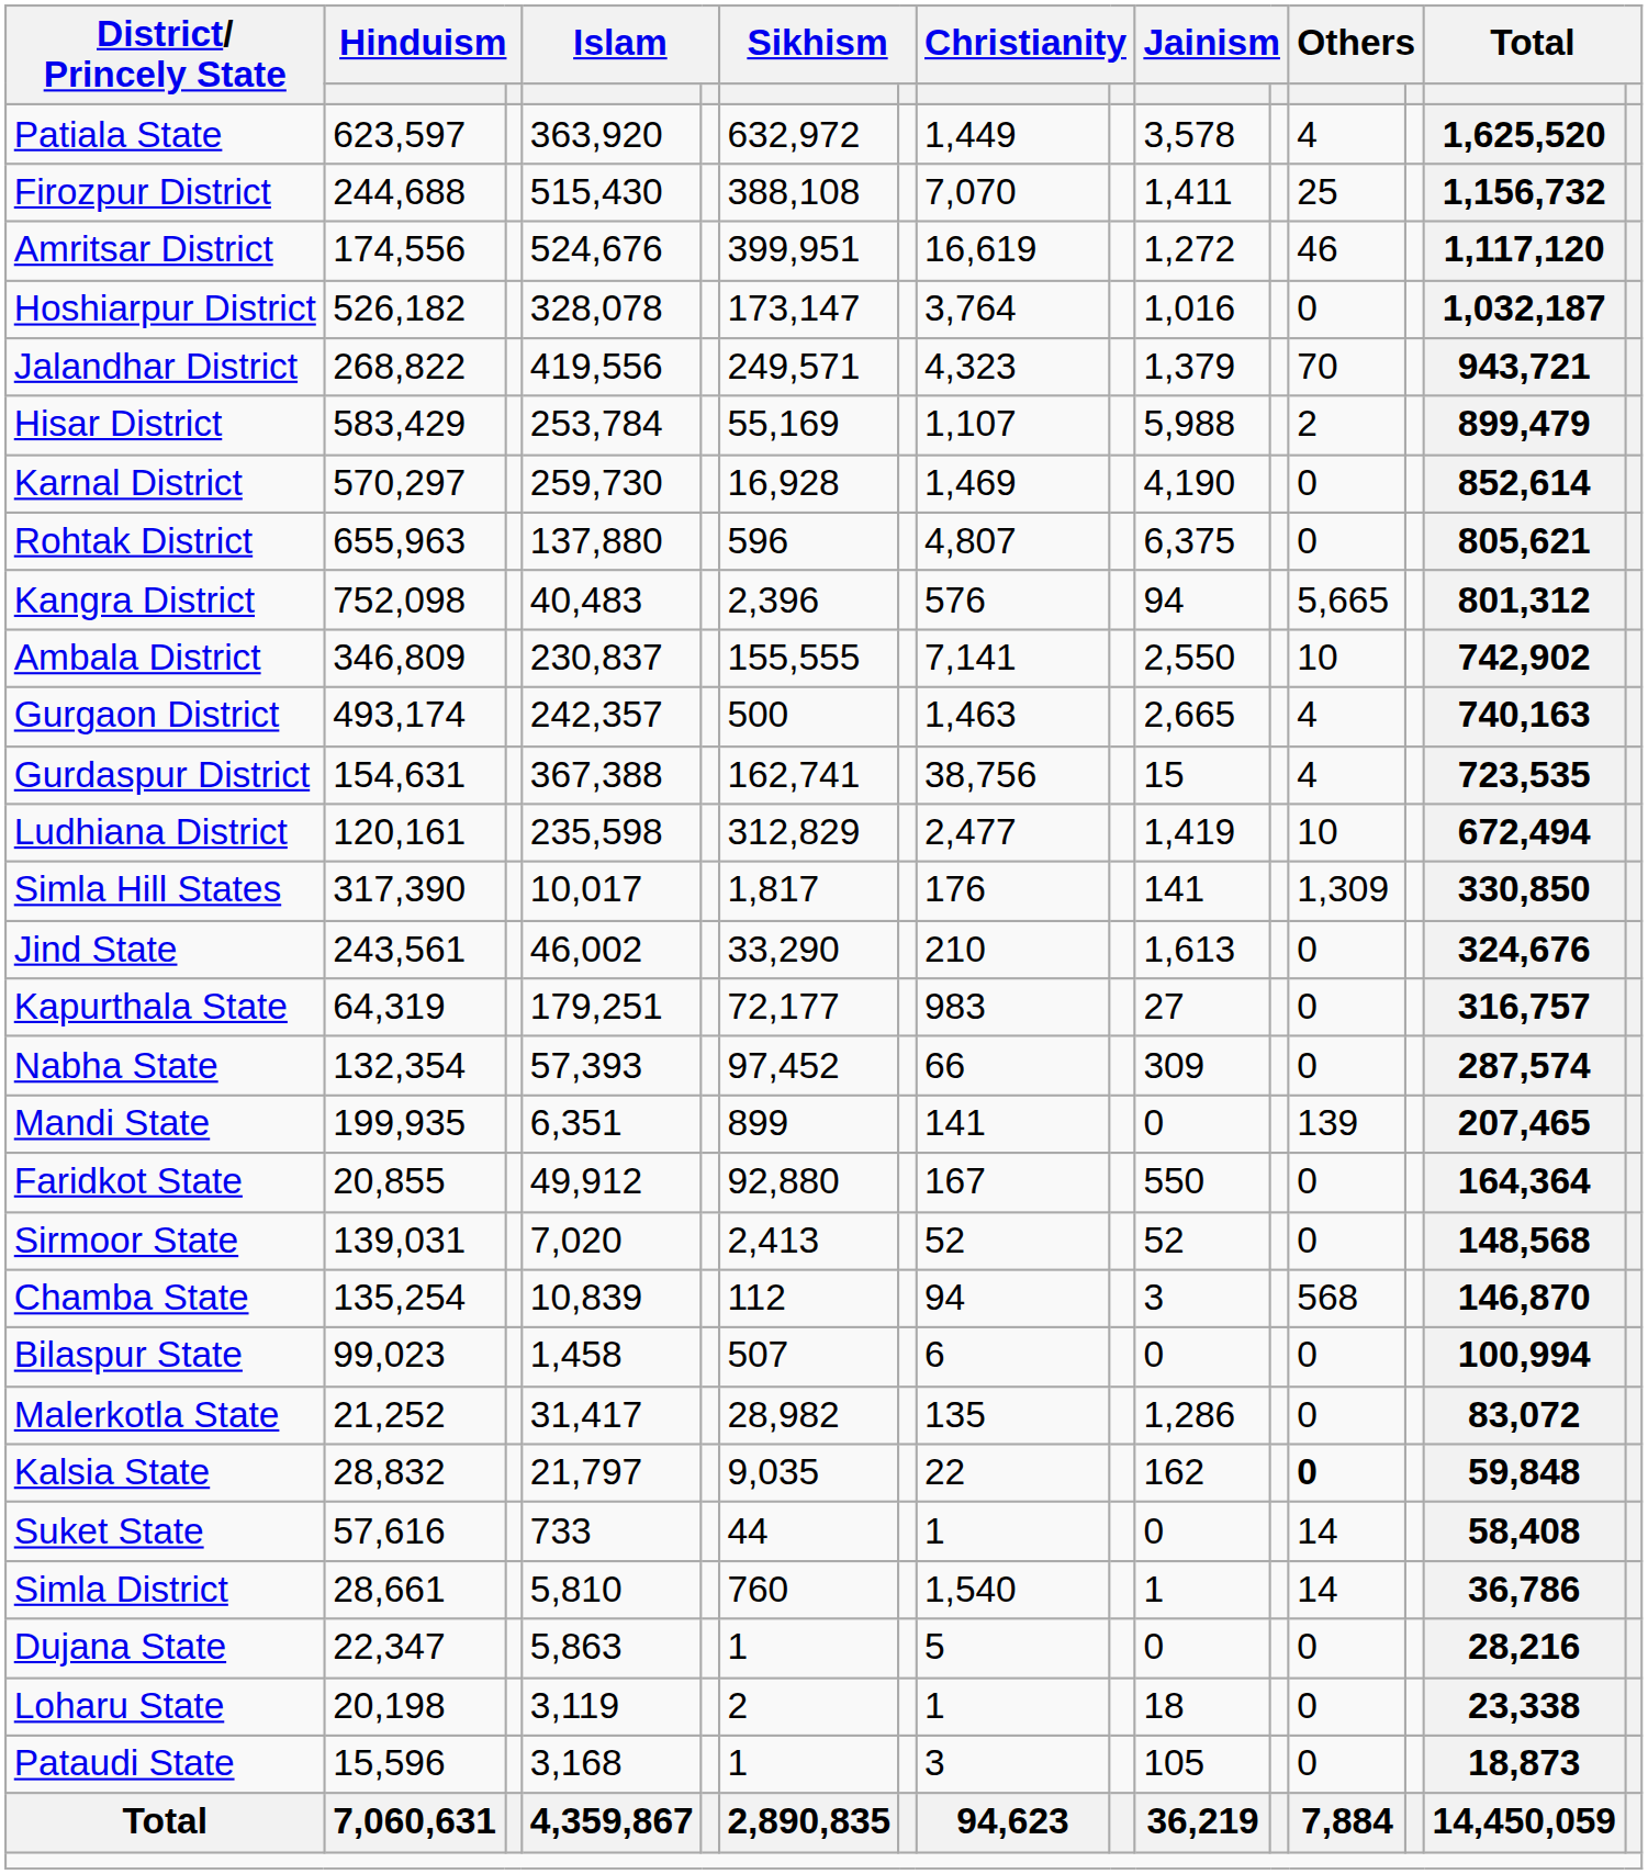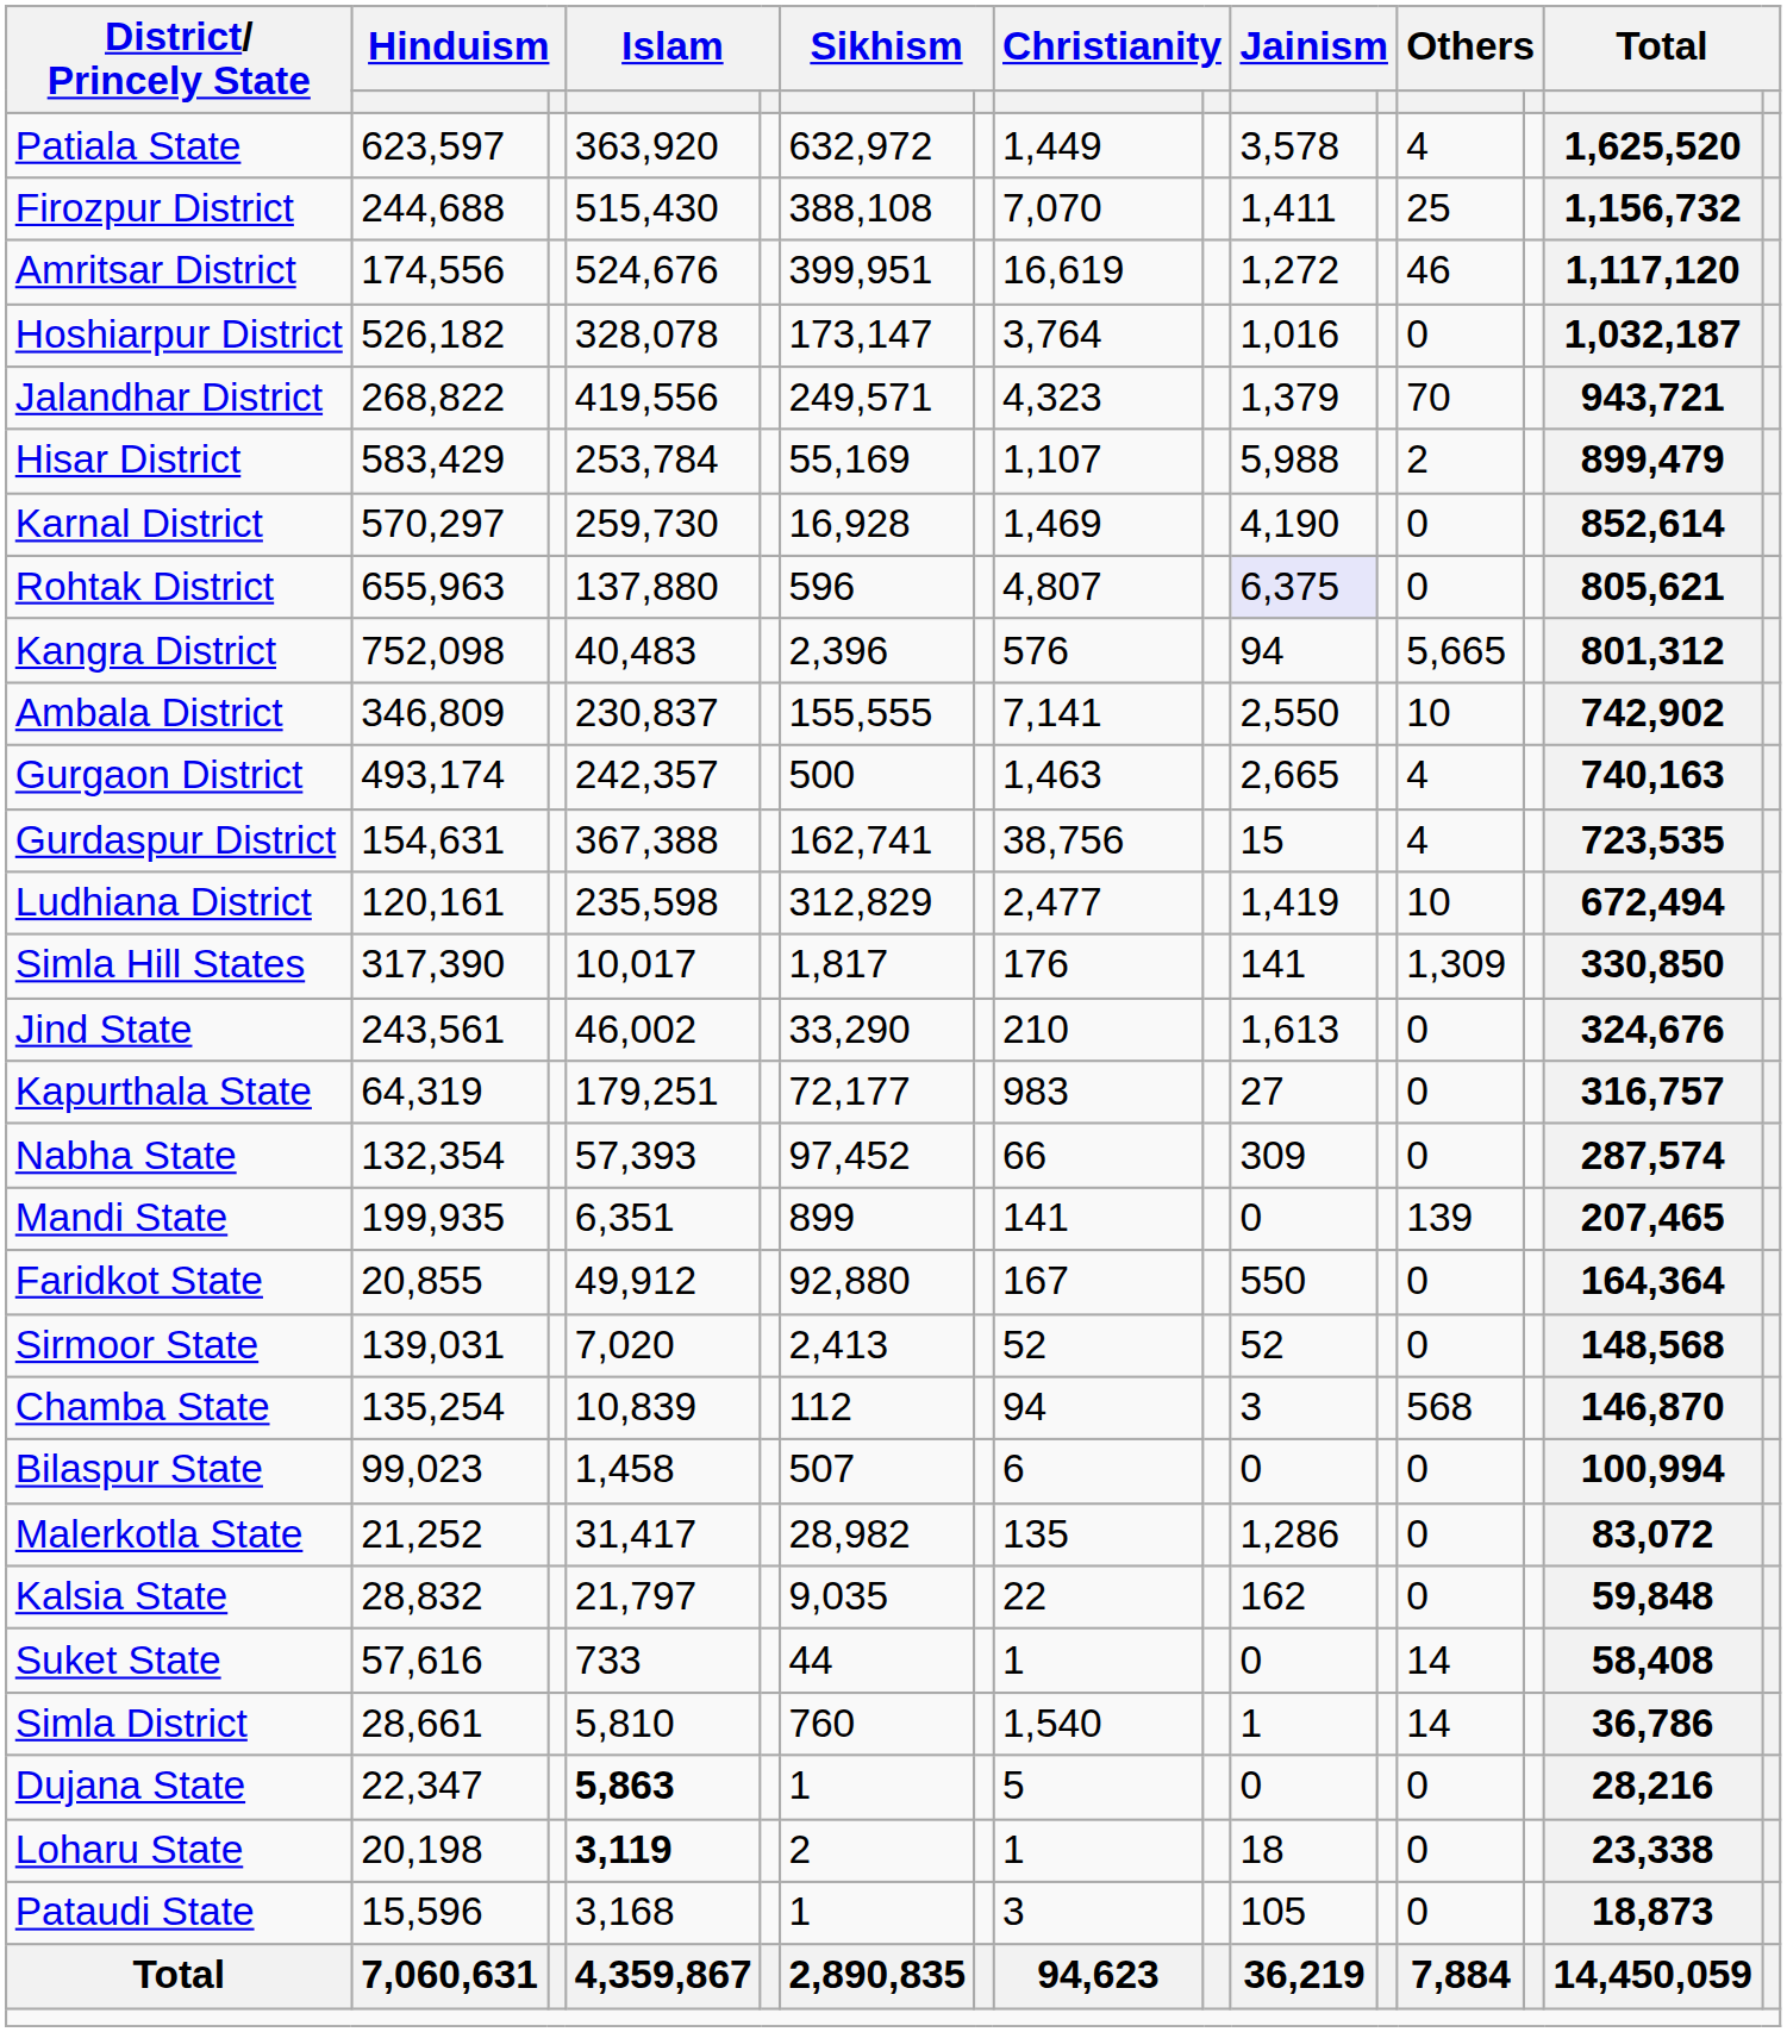 <table class="wikitable sortable mw-collapsible">
 <tr>
 <th rowspan="2"><a href='#'>District</a>/<br><a href='#'>Princely State</a></th>
 <th colspan="2"><a href='#'>Hinduism</a> </th>
 <th colspan="2"><a href='#'>Islam</a> </th>
 <th colspan="2"><a href='#'>Sikhism</a> </th>
 <th colspan="2"><a href='#'>Christianity</a> </th>
 <th colspan="2"><a href='#'>Jainism</a> </th>
 <th colspan="2">Others</th>
 <th colspan="2">Total</th>
 </tr>
 <tr>
 <th><a href='#'></a></th>
 <th></th>
 <th></th>
 <th></th>
 <th></th>
 <th></th>
 <th></th>
 <th></th>
 <th></th>
 <th></th>
 <th></th>
 <th></th>
 <th></th>
 <th></th>
 </tr>
 <tr>
 <td><a href='#'>Patiala State</a></td>
 <td>623,597</td>
 <td></td>
 <td>363,920</td>
 <td></td>
 <td>632,972</td>
 <td></td>
 <td>1,449</td>
 <td></td>
 <td>3,578</td>
 <td></td>
 <td>4</td>
 <td></td>
 <th>1,625,520</th>
 <th></th>
 </tr>
 <tr>
 <td><a href='#'>Firozpur District</a></td>
 <td>244,688</td>
 <td></td>
 <td>515,430</td>
 <td></td>
 <td>388,108</td>
 <td></td>
 <td>7,070</td>
 <td></td>
 <td>1,411</td>
 <td></td>
 <td>25</td>
 <td></td>
 <th>1,156,732</th>
 <th></th>
 </tr>
 <tr>
 <td><a href='#'>Amritsar District</a></td>
 <td>174,556</td>
 <td></td>
 <td>524,676</td>
 <td></td>
 <td>399,951</td>
 <td></td>
 <td>16,619</td>
 <td></td>
 <td>1,272</td>
 <td></td>
 <td>46</td>
 <td></td>
 <th>1,117,120</th>
 <th></th>
 </tr>
 <tr>
 <td><a href='#'>Hoshiarpur District</a></td>
 <td>526,182</td>
 <td></td>
 <td>328,078</td>
 <td></td>
 <td>173,147</td>
 <td></td>
 <td>3,764</td>
 <td></td>
 <td>1,016</td>
 <td></td>
 <td>0</td>
 <td></td>
 <th>1,032,187</th>
 <th></th>
 </tr>
 <tr>
 <td><a href='#'>Jalandhar District</a></td>
 <td>268,822</td>
 <td></td>
 <td>419,556</td>
 <td></td>
 <td>249,571</td>
 <td></td>
 <td>4,323</td>
 <td></td>
 <td>1,379</td>
 <td></td>
 <td>70</td>
 <td></td>
 <th>943,721</th>
 <th></th>
 </tr>
 <tr>
 <td><a href='#'>Hisar District</a></td>
 <td>583,429</td>
 <td></td>
 <td>253,784</td>
 <td></td>
 <td>55,169</td>
 <td></td>
 <td>1,107</td>
 <td></td>
 <td>5,988</td>
 <td></td>
 <td>2</td>
 <td></td>
 <th>899,479</th>
 <th></th>
 </tr>
 <tr>
 <td><a href='#'>Karnal District</a></td>
 <td>570,297</td>
 <td></td>
 <td>259,730</td>
 <td></td>
 <td>16,928</td>
 <td></td>
 <td>1,469</td>
 <td></td>
 <td>4,190</td>
 <td></td>
 <td>0</td>
 <td></td>
 <th>852,614</th>
 <th></th>
 </tr>
 <tr>
 <td><a href='#'>Rohtak District</a></td>
 <td>655,963</td>
 <td></td>
 <td>137,880</td>
 <td></td>
 <td>596</td>
 <td></td>
 <td>4,807</td>
 <td></td>
-<td>6,375</td>
+<td style="background: lavender;">6,375</td>
 <td></td>
 <td>0</td>
 <td></td>
 <th>805,621</th>
 <th></th>
 </tr>
 <tr>
 <td><a href='#'>Kangra District</a></td>
 <td>752,098</td>
 <td></td>
 <td>40,483</td>
 <td></td>
 <td>2,396</td>
 <td></td>
 <td>576</td>
 <td></td>
 <td>94</td>
 <td></td>
 <td>5,665</td>
 <td></td>
 <th>801,312</th>
 <th></th>
 </tr>
 <tr>
 <td><a href='#'>Ambala District</a></td>
 <td>346,809</td>
 <td></td>
 <td>230,837</td>
 <td></td>
 <td>155,555</td>
 <td></td>
 <td>7,141</td>
 <td></td>
 <td>2,550</td>
 <td></td>
 <td>10</td>
 <td></td>
 <th>742,902</th>
 <th></th>
 </tr>
 <tr>
 <td><a href='#'>Gurgaon District</a></td>
 <td>493,174</td>
 <td></td>
 <td>242,357</td>
 <td></td>
 <td>500</td>
 <td></td>
 <td>1,463</td>
 <td></td>
 <td>2,665</td>
 <td></td>
 <td>4</td>
 <td></td>
 <th>740,163</th>
 <th></th>
 </tr>
 <tr>
 <td><a href='#'>Gurdaspur District</a></td>
 <td>154,631</td>
 <td></td>
 <td>367,388</td>
 <td></td>
 <td>162,741</td>
 <td></td>
 <td>38,756</td>
 <td></td>
 <td>15</td>
 <td></td>
 <td>4</td>
 <td></td>
 <th>723,535</th>
 <th></th>
 </tr>
 <tr>
 <td><a href='#'>Ludhiana District</a></td>
 <td>120,161</td>
 <td></td>
 <td>235,598</td>
 <td></td>
 <td>312,829</td>
 <td></td>
 <td>2,477</td>
 <td></td>
 <td>1,419</td>
 <td></td>
 <td>10</td>
 <td></td>
 <th>672,494</th>
 <th></th>
 </tr>
 <tr>
 <td><a href='#'>Simla Hill States</a></td>
 <td>317,390</td>
 <td></td>
 <td>10,017</td>
 <td></td>
 <td>1,817</td>
 <td></td>
 <td>176</td>
 <td></td>
 <td>141</td>
 <td></td>
 <td>1,309</td>
 <td></td>
 <th>330,850</th>
 <th></th>
 </tr>
 <tr>
 <td><a href='#'>Jind State</a></td>
 <td>243,561</td>
 <td></td>
 <td>46,002</td>
 <td></td>
 <td>33,290</td>
 <td></td>
 <td>210</td>
 <td></td>
 <td>1,613</td>
 <td></td>
 <td>0</td>
 <td></td>
 <th>324,676</th>
 <th></th>
 </tr>
 <tr>
 <td><a href='#'>Kapurthala State</a></td>
 <td>64,319</td>
 <td></td>
 <td>179,251</td>
 <td></td>
 <td>72,177</td>
 <td></td>
 <td>983</td>
 <td></td>
 <td>27</td>
 <td></td>
 <td>0</td>
 <td></td>
 <th>316,757</th>
 <th></th>
 </tr>
 <tr>
 <td><a href='#'>Nabha State</a></td>
 <td>132,354</td>
 <td></td>
 <td>57,393</td>
 <td></td>
 <td>97,452</td>
 <td></td>
 <td>66</td>
 <td></td>
 <td>309</td>
 <td></td>
 <td>0</td>
 <td></td>
 <th>287,574</th>
 <th></th>
 </tr>
 <tr>
 <td><a href='#'>Mandi State</a></td>
 <td>199,935</td>
 <td></td>
 <td>6,351</td>
 <td></td>
 <td>899</td>
 <td></td>
 <td>141</td>
 <td></td>
 <td>0</td>
 <td></td>
 <td>139</td>
 <td></td>
 <th>207,465</th>
 <th></th>
 </tr>
 <tr>
 <td><a href='#'>Faridkot State</a></td>
 <td>20,855</td>
 <td></td>
 <td>49,912</td>
 <td></td>
 <td>92,880</td>
 <td></td>
 <td>167</td>
 <td></td>
 <td>550</td>
 <td></td>
 <td>0</td>
 <td></td>
 <th>164,364</th>
 <th></th>
 </tr>
 <tr>
 <td><a href='#'>Sirmoor State</a></td>
 <td>139,031</td>
 <td></td>
 <td>7,020</td>
 <td></td>
 <td>2,413</td>
 <td></td>
 <td>52</td>
 <td></td>
 <td>52</td>
 <td></td>
 <td>0</td>
 <td></td>
 <th>148,568</th>
 <th></th>
 </tr>
 <tr>
 <td><a href='#'>Chamba State</a></td>
 <td>135,254</td>
 <td></td>
 <td>10,839</td>
 <td></td>
 <td>112</td>
 <td></td>
 <td>94</td>
 <td></td>
 <td>3</td>
 <td></td>
 <td>568</td>
 <td></td>
 <th>146,870</th>
 <th></th>
 </tr>
 <tr>
 <td><a href='#'>Bilaspur State</a></td>
 <td>99,023</td>
 <td></td>
 <td>1,458</td>
 <td></td>
 <td>507</td>
 <td></td>
 <td>6</td>
 <td></td>
 <td>0</td>
 <td></td>
 <td>0</td>
 <td></td>
 <th>100,994</th>
 <th></th>
 </tr>
 <tr>
 <td><a href='#'>Malerkotla State</a></td>
 <td>21,252</td>
 <td></td>
 <td>31,417</td>
 <td></td>
 <td>28,982</td>
 <td></td>
 <td>135</td>
 <td></td>
 <td>1,286</td>
 <td></td>
 <td>0</td>
 <td></td>
 <th>83,072</th>
 <th></th>
 </tr>
 <tr>
 <td><a href='#'>Kalsia State</a></td>
 <td>28,832</td>
 <td></td>
 <td>21,797</td>
 <td></td>
 <td>9,035</td>
 <td></td>
 <td>22</td>
 <td></td>
 <td>162</td>
 <td></td>
-<td><strong>0</strong></td>
+<td>0</td>
 <td></td>
 <th>59,848</th>
 <th></th>
 </tr>
 <tr>
 <td><a href='#'>Suket State</a></td>
 <td>57,616</td>
 <td></td>
 <td>733</td>
 <td></td>
 <td>44</td>
 <td></td>
 <td>1</td>
 <td></td>
 <td>0</td>
 <td></td>
 <td>14</td>
 <td></td>
 <th>58,408</th>
 <th></th>
 </tr>
 <tr>
 <td><a href='#'>Simla District</a></td>
 <td>28,661</td>
 <td></td>
 <td>5,810</td>
 <td></td>
 <td>760</td>
 <td></td>
 <td>1,540</td>
 <td></td>
 <td>1</td>
 <td></td>
 <td>14</td>
 <td></td>
 <th>36,786</th>
 <th></th>
 </tr>
 <tr>
 <td><a href='#'>Dujana State</a></td>
 <td>22,347</td>
 <td></td>
-<td>5,863</td>
+<td><strong>5,863</strong></td>
 <td></td>
 <td>1</td>
 <td></td>
 <td>5</td>
 <td></td>
 <td>0</td>
 <td></td>
 <td>0</td>
 <td></td>
 <th>28,216</th>
 <th></th>
 </tr>
 <tr>
 <td><a href='#'>Loharu State</a></td>
 <td>20,198</td>
 <td></td>
-<td>3,119</td>
+<td><strong>3,119</strong></td>
 <td></td>
 <td>2</td>
 <td></td>
 <td>1</td>
 <td></td>
 <td>18</td>
 <td></td>
 <td>0</td>
 <td></td>
 <th>23,338</th>
 <th></th>
 </tr>
 <tr>
 <td><a href='#'>Pataudi State</a></td>
 <td>15,596</td>
 <td></td>
 <td>3,168</td>
 <td></td>
 <td>1</td>
 <td></td>
 <td>3</td>
 <td></td>
 <td>105</td>
 <td></td>
 <td>0</td>
 <td></td>
 <th>18,873</th>
 <th></th>
 </tr>
 <tr>
 <th>Total</th>
 <th>7,060,631</th>
 <th></th>
 <th>4,359,867</th>
 <th></th>
 <th>2,890,835</th>
 <th></th>
 <th>94,623</th>
 <th></th>
 <th>36,219</th>
 <th></th>
 <th>7,884</th>
 <th></th>
 <th>14,450,059</th>
 <th></th>
 </tr>
 <tr class="sortbottom">
 <td colspan="15"></td>
 </tr>
 </table>
